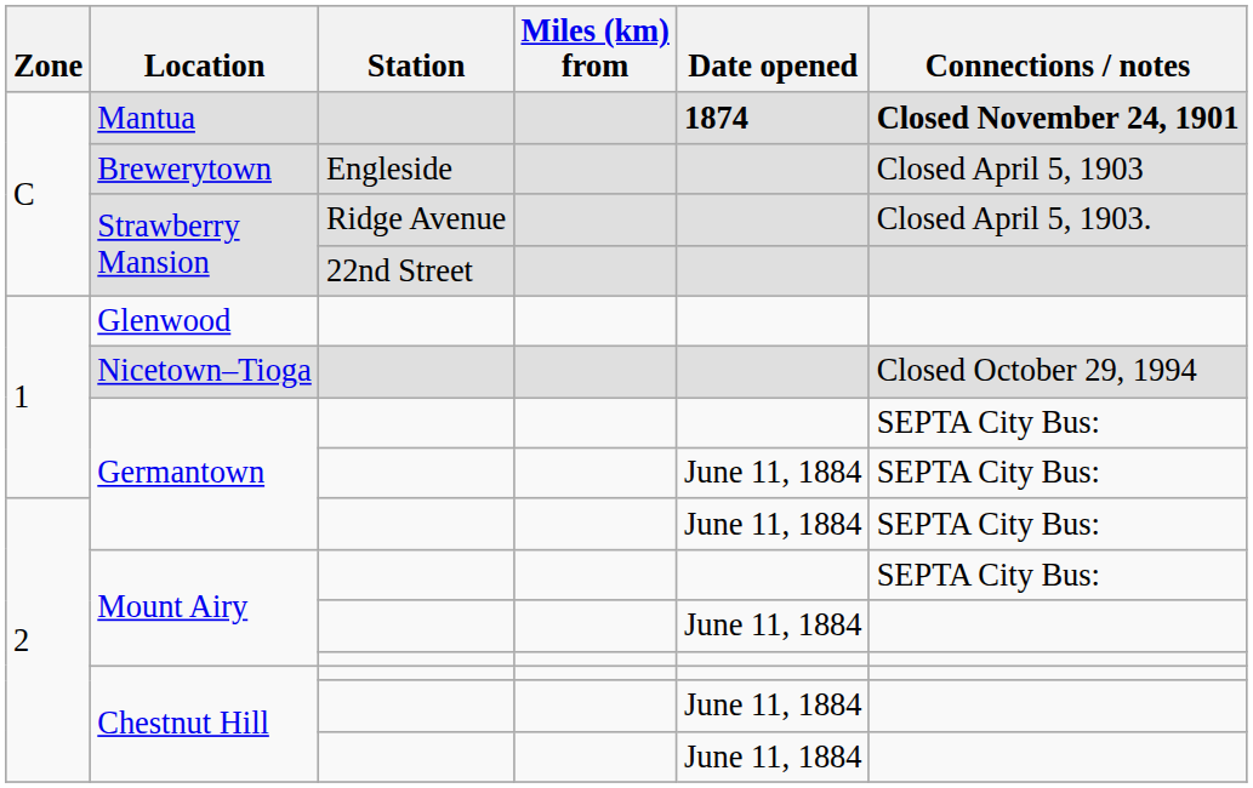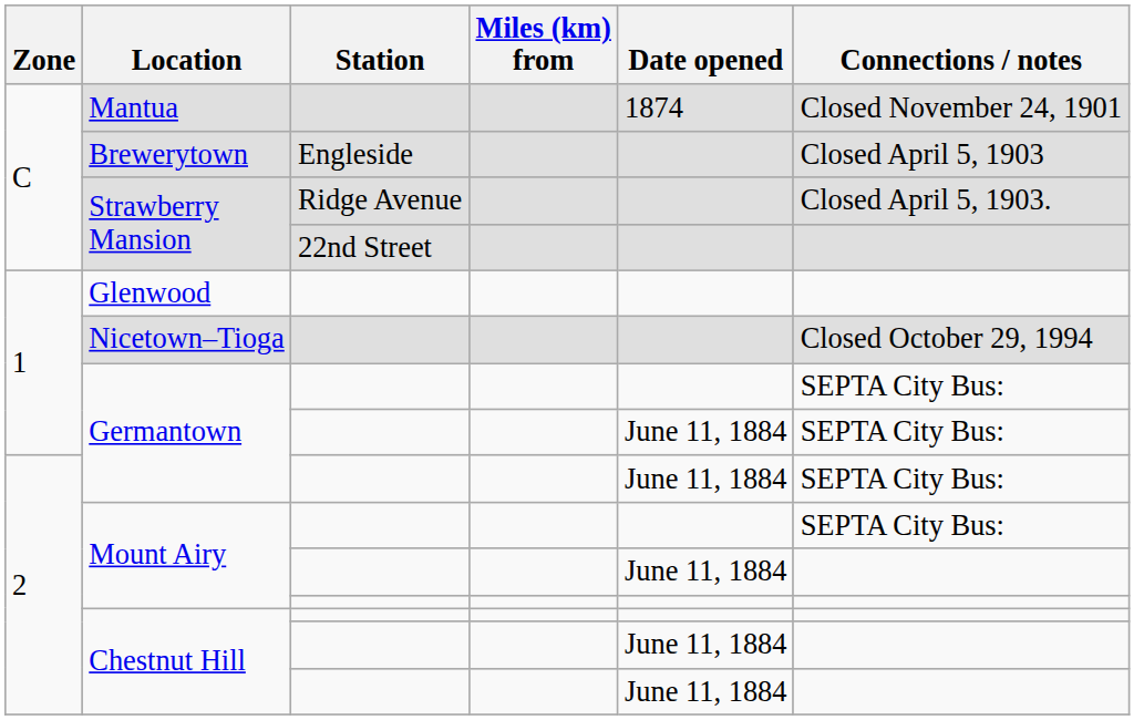 <table class="wikitable">
 <tr style="vertical-align:bottom;"|>
 <th>Zone</th>
 <th>Location</th>
 <th>Station</th>
 <th><a href='#'>Miles (km)</a><br>from<br></th>
 <th>Date opened</th>
 <th class="nowrap">Connections / notes</th>
 </tr>
 <tr>
 <td rowspan=4>C</td>
 <td bgcolor="dfdfdf"><a href='#'>Mantua</a></td>
 <td bgcolor="dfdfdf"></td>
 <td bgcolor="dfdfdf"></td>
-<td bgcolor="dfdfdf"><strong>1874</strong></td>
-<td bgcolor="dfdfdf"><strong>Closed November 24, 1901</strong></td>
+<td bgcolor="dfdfdf">1874</td>
+<td bgcolor="dfdfdf">Closed November 24, 1901</td>
 </tr>
 <tr bgcolor=dfdfdf>
 <td><a href='#'>Brewerytown</a></td>
 <td>Engleside</td>
 <td></td>
 <td></td>
 <td>Closed April 5, 1903</td>
 </tr>
 <tr bgcolor=dfdfdf>
 <td rowspan=2><a href='#'>Strawberry<br>Mansion</a></td>
 <td>Ridge Avenue</td>
 <td></td>
 <td></td>
 <td>Closed April 5, 1903.</td>
 </tr>
 <tr bgcolor=dfdfdf>
 <td>22nd Street</td>
 <td></td>
 <td></td>
 <td></td>
 </tr>
 <tr>
 <td rowspan=4>1</td>
 <td><a href='#'>Glenwood</a></td>
 <td></td>
 <td></td>
 <td></td>
 <td></td>
 </tr>
 <tr bgcolor=dfdfdf>
 <td><a href='#'>Nicetown–Tioga</a></td>
 <td></td>
 <td></td>
 <td></td>
 <td>Closed October 29, 1994</td>
 </tr>
 <tr>
 <td rowspan=3><a href='#'>Germantown</a></td>
 <td> </td>
 <td></td>
 <td></td>
 <td> SEPTA City Bus: </td>
 </tr>
 <tr>
 <td></td>
 <td></td>
 <td>June 11, 1884</td>
 <td> SEPTA City Bus: </td>
 </tr>
 <tr>
 <td rowspan=7>2</td>
 <td></td>
 <td></td>
 <td>June 11, 1884</td>
 <td> SEPTA City Bus: </td>
 </tr>
 <tr>
 <td rowspan=3><a href='#'>Mount Airy</a></td>
 <td></td>
 <td></td>
 <td></td>
 <td> SEPTA City Bus: </td>
 </tr>
 <tr>
 <td></td>
 <td></td>
 <td>June 11, 1884</td>
 <td></td>
 </tr>
 <tr>
 <td> </td>
 <td></td>
 <td></td>
 <td></td>
 </tr>
 <tr>
 <td rowspan=3><a href='#'>Chestnut Hill</a></td>
 <td></td>
 <td></td>
 <td></td>
 <td></td>
 </tr>
 <tr>
 <td></td>
 <td></td>
 <td>June 11, 1884</td>
 <td></td>
 </tr>
 <tr>
 <td> </td>
 <td></td>
 <td>June 11, 1884</td>
 <td></td>
 </tr>
 </table>
